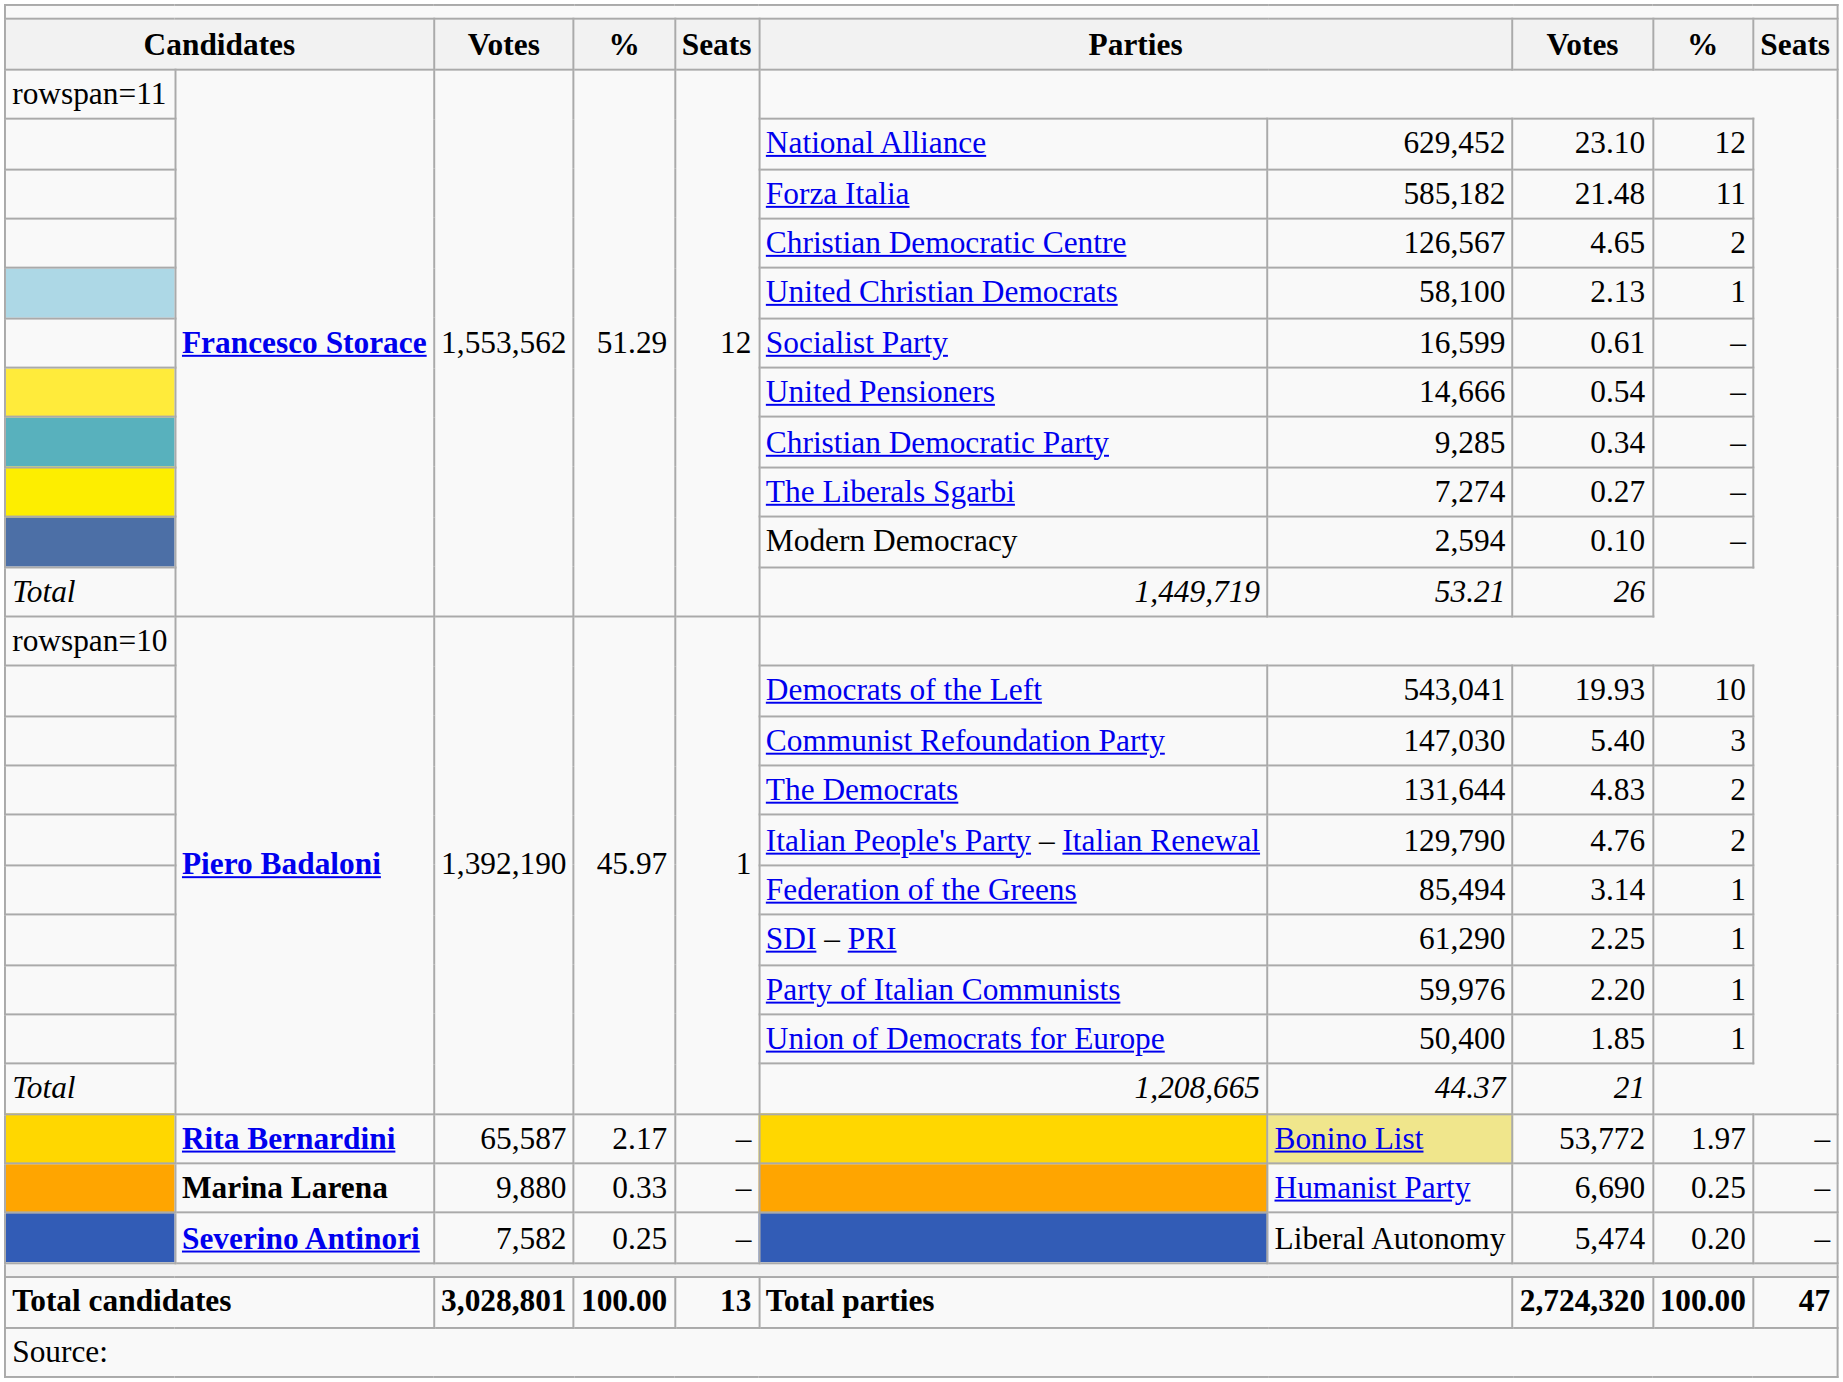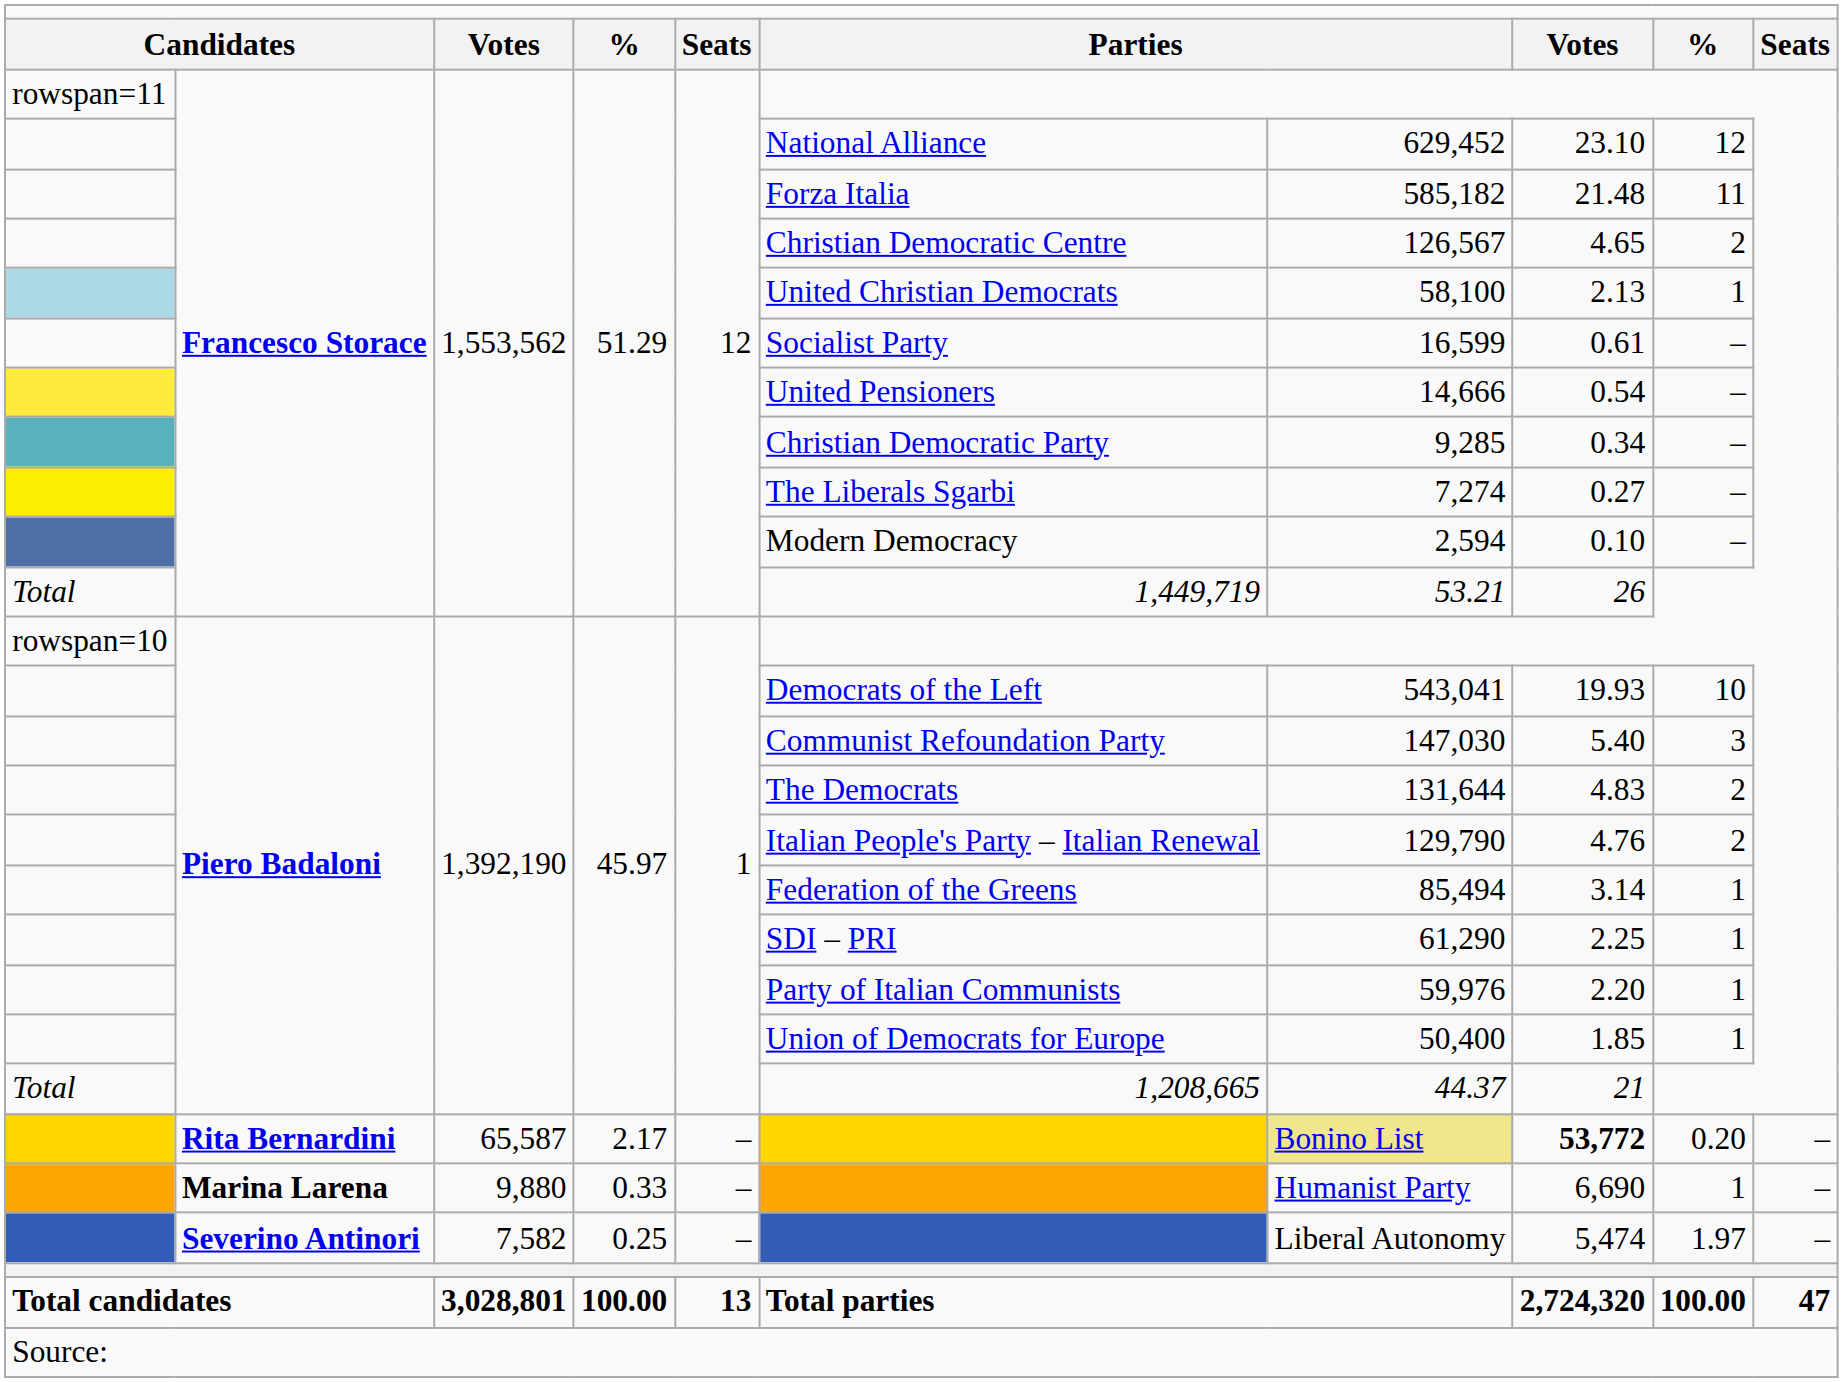 <table class="wikitable">
 <tr>
 <td colspan=10></td>
 </tr>
 <tr>
 <th colspan=2>Candidates</th>
 <th>Votes</th>
 <th>%</th>
 <th>Seats</th>
 <th colspan=2>Parties</th>
 <th>Votes</th>
 <th>%</th>
 <th>Seats</th>
 </tr>
 <tr>
 <td>rowspan=11 </td>
 <td rowspan=11><strong><a href='#'>Francesco Storace</a></strong></td>
 <td rowspan=11 align=right>1,553,562</td>
 <td rowspan=11 align=right>51.29</td>
 <td rowspan=11 align=right>12</td>
 </tr>
 <tr>
 <td></td>
 <td><a href='#'>National Alliance</a></td>
 <td align=right>629,452</td>
 <td align=right>23.10</td>
 <td align=right>12</td>
 </tr>
 <tr>
 <td></td>
 <td><a href='#'>Forza Italia</a></td>
 <td align=right>585,182</td>
 <td align=right>21.48</td>
 <td align=right>11</td>
 </tr>
 <tr>
 <td></td>
 <td><a href='#'>Christian Democratic Centre</a></td>
 <td align=right>126,567</td>
 <td align=right>4.65</td>
 <td align=right>2</td>
 </tr>
 <tr>
 <td bgcolor="lightblue"></td>
 <td><a href='#'>United Christian Democrats</a></td>
 <td align=right>58,100</td>
 <td align=right>2.13</td>
 <td align=right>1</td>
 </tr>
 <tr>
 <td></td>
 <td><a href='#'>Socialist Party</a></td>
 <td align=right>16,599</td>
 <td align=right>0.61</td>
 <td align=right>–</td>
 </tr>
 <tr>
 <td bgcolor="#FFEB3B"></td>
 <td><a href='#'>United Pensioners</a></td>
 <td align=right>14,666</td>
 <td align=right>0.54</td>
 <td align=right>–</td>
 </tr>
 <tr>
 <td bgcolor="#58B1BD"></td>
 <td><a href='#'>Christian Democratic Party</a></td>
 <td align=right>9,285</td>
 <td align=right>0.34</td>
 <td align=right>–</td>
 </tr>
 <tr>
 <td bgcolor="#FDEE00"></td>
 <td><a href='#'>The Liberals Sgarbi</a></td>
 <td align=right>7,274</td>
 <td align=right>0.27</td>
 <td align=right>–</td>
 </tr>
 <tr>
 <td bgcolor="#4C6FA6"></td>
 <td>Modern Democracy</td>
 <td align=right>2,594</td>
 <td align=right>0.10</td>
 <td align=right>–</td>
 </tr>
 <tr>
 <td colspan=2><em>Total</em></td>
 <td align=right><em>1,449,719</em></td>
 <td align=right><em>53.21</em></td>
 <td align=right><em>26</em></td>
 </tr>
 <tr>
 <td>rowspan=10 </td>
 <td rowspan=10><strong><a href='#'>Piero Badaloni</a></strong></td>
 <td rowspan=10 align=right>1,392,190</td>
 <td rowspan=10 align=right>45.97</td>
 <td rowspan=10 align=right>1</td>
 </tr>
 <tr>
 <td></td>
 <td><a href='#'>Democrats of the Left</a></td>
 <td align=right>543,041</td>
 <td align=right>19.93</td>
 <td align=right>10</td>
 </tr>
 <tr>
 <td></td>
 <td><a href='#'>Communist Refoundation Party</a></td>
 <td align=right>147,030</td>
 <td align=right>5.40</td>
 <td align=right>3</td>
 </tr>
 <tr>
 <td></td>
 <td><a href='#'>The Democrats</a></td>
 <td align=right>131,644</td>
 <td align=right>4.83</td>
 <td align=right>2</td>
 </tr>
 <tr>
 <td></td>
 <td><a href='#'>Italian People's Party</a> – <a href='#'>Italian Renewal</a></td>
 <td align=right>129,790</td>
 <td align=right>4.76</td>
 <td align=right>2</td>
 </tr>
 <tr>
 <td></td>
 <td><a href='#'>Federation of the Greens</a></td>
 <td align=right>85,494</td>
 <td align=right>3.14</td>
 <td align=right>1</td>
 </tr>
 <tr>
 <td></td>
 <td><a href='#'>SDI</a> – <a href='#'>PRI</a></td>
 <td align=right>61,290</td>
 <td align=right>2.25</td>
 <td align=right>1</td>
 </tr>
 <tr>
 <td></td>
 <td><a href='#'>Party of Italian Communists</a></td>
 <td align=right>59,976</td>
 <td align=right>2.20</td>
 <td align=right>1</td>
 </tr>
 <tr>
 <td></td>
 <td><a href='#'>Union of Democrats for Europe</a></td>
 <td align=right>50,400</td>
 <td align=right>1.85</td>
 <td align=right>1</td>
 </tr>
 <tr>
 <td colspan=2><em>Total</em></td>
 <td align=right><em>1,208,665</em></td>
 <td align=right><em>44.37</em></td>
 <td align=right><em>21</em></td>
 </tr>
 <tr>
 <td bgcolor="gold"></td>
 <td><strong><a href='#'>Rita Bernardini</a></strong></td>
 <td align=right>65,587</td>
 <td align=right>2.17</td>
 <td align=right>–</td>
 <td bgcolor="gold"></td>
 <td style="background: khaki;"><a href='#'>Bonino List</a></td>
-<td align=right>53,772</td>
-<td align=right>1.97</td>
+<td align=right><strong>53,772</strong></td>
+<td align=right>0.20</td>
 <td align=right>–</td>
 </tr>
 <tr>
 <td bgcolor="orange"></td>
 <td><strong>Marina Larena</strong></td>
 <td align=right>9,880</td>
 <td align=right>0.33</td>
 <td align=right>–</td>
 <td bgcolor="orange"></td>
 <td><a href='#'>Humanist Party</a></td>
 <td align=right>6,690</td>
-<td align=right>0.25</td>
+<td align=right>1</td>
 <td align=right>–</td>
 </tr>
 <tr>
 <td bgcolor="#325CB6"></td>
 <td><strong><a href='#'>Severino Antinori</a></strong></td>
 <td align=right>7,582</td>
 <td align=right>0.25</td>
 <td align=right>–</td>
 <td bgcolor="#325CB6"></td>
 <td>Liberal Autonomy</td>
 <td align=right>5,474</td>
-<td align=right>0.20</td>
+<td align=right>1.97</td>
 <td align=right>–</td>
 </tr>
 <tr>
 <th colspan=10></th>
 </tr>
 <tr>
 <td colspan=2><strong>Total candidates</strong></td>
 <td align=right><strong>3,028,801</strong></td>
 <td align=right><strong>100.00</strong></td>
 <td align=right><strong>13</strong></td>
 <td colspan=2><strong>Total parties</strong></td>
 <td align=right><strong>2,724,320</strong></td>
 <td align=right><strong>100.00</strong></td>
 <td align=right><strong>47</strong></td>
 </tr>
 <tr>
 <td colspan=10>Source: </td>
 </tr>
 </table>
